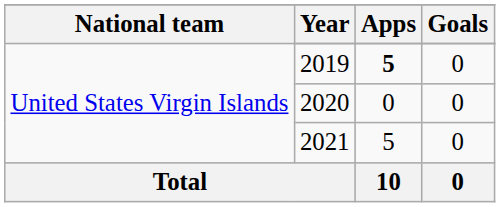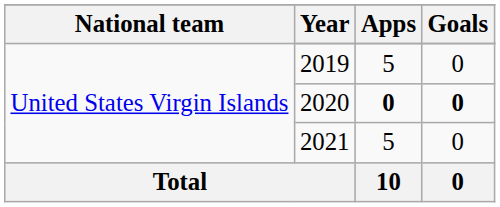 <table class=wikitable style=text-align:center>
 <tr>
 </tr>
 <tr>
 <th>National team</th>
 <th>Year</th>
 <th>Apps</th>
 <th>Goals</th>
 </tr>
 <tr>
 <td rowspan="4"><a href='#'>United States Virgin Islands</a></td>
 </tr>
 <tr>
 <td>2019</td>
-<td><strong>5</strong></td>
+<td>5</td>
 <td>0</td>
 </tr>
 <tr>
 <td>2020</td>
-<td>0</td>
-<td>0</td>
+<td><strong>0</strong></td>
+<td><strong>0</strong></td>
 </tr>
 <tr>
 <td>2021</td>
 <td>5</td>
 <td>0</td>
 </tr>
 <tr>
 <th colspan="2">Total</th>
 <th>10</th>
 <th>0</th>
 </tr>
 </table>
